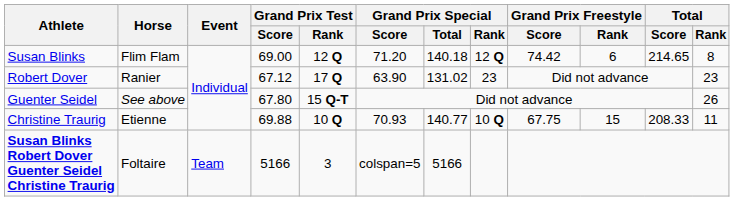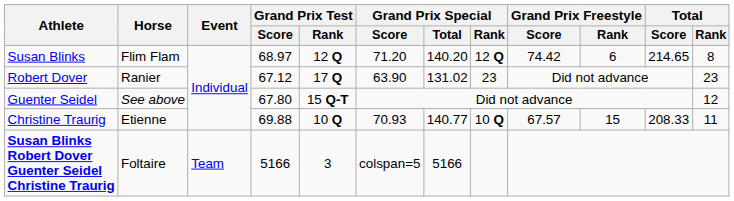 <table class=wikitable style=font-size:90%;text-align:center>
 <tr>
 <th rowspan=2>Athlete</th>
 <th rowspan=2>Horse</th>
 <th rowspan=2>Event</th>
 <th colspan=2>Grand Prix Test</th>
 <th colspan=3>Grand Prix Special</th>
 <th colspan=2>Grand Prix Freestyle</th>
 <th colspan=2>Total</th>
 </tr>
 <tr style=font-size:95%>
 <th>Score</th>
 <th>Rank</th>
 <th>Score</th>
 <th>Total</th>
 <th>Rank</th>
 <th>Score</th>
 <th>Rank</th>
 <th>Score</th>
 <th>Rank</th>
 </tr>
 <tr>
 <td align=left><a href='#'>Susan Blinks</a></td>
 <td align=left>Flim Flam</td>
 <td align=left rowspan=4><a href='#'>Individual</a></td>
-<td>69.00</td>
+<td>68.97</td>
 <td>12 <strong>Q</strong></td>
 <td>71.20</td>
-<td>140.18</td>
+<td>140.20</td>
 <td>12 <strong>Q</strong></td>
 <td>74.42</td>
 <td>6</td>
 <td>214.65</td>
 <td>8</td>
 </tr>
 <tr>
 <td align=left><a href='#'>Robert Dover</a></td>
 <td align=left>Ranier</td>
 <td>67.12</td>
 <td>17 <strong>Q</strong></td>
 <td>63.90</td>
 <td>131.02</td>
 <td>23</td>
 <td colspan=3>Did not advance</td>
 <td>23</td>
 </tr>
 <tr>
 <td align=left><a href='#'>Guenter Seidel</a></td>
 <td align=left><em>See above</em></td>
 <td>67.80</td>
 <td>15 <strong>Q-T</strong></td>
 <td colspan=6>Did not advance</td>
-<td>26</td>
+<td>12</td>
 </tr>
 <tr>
 <td align=left><a href='#'>Christine Traurig</a></td>
 <td align=left>Etienne</td>
 <td>69.88</td>
 <td>10 <strong>Q</strong></td>
 <td>70.93</td>
 <td>140.77</td>
 <td>10 <strong>Q</strong></td>
-<td>67.75</td>
+<td>67.57</td>
 <td>15</td>
 <td>208.33</td>
 <td>11</td>
 </tr>
 <tr>
 <td align=left><strong><a href='#'>Susan Blinks</a><br><a href='#'>Robert Dover</a><br><a href='#'>Guenter Seidel</a><br><a href='#'>Christine Traurig</a></strong></td>
 <td align=left>Foltaire</td>
 <td align=left><a href='#'>Team</a></td>
 <td>5166</td>
 <td>3</td>
 <td>colspan=5 </td>
 <td>5166</td>
 <td></td>
 </tr>
 </table>
